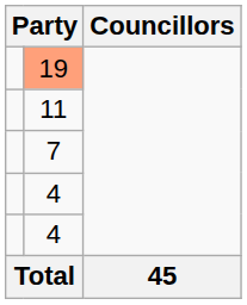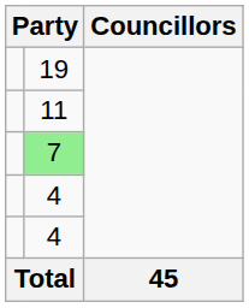 <table class="wikitable">
 <tr>
 <th colspan=2>Party</th>
 <th>Councillors</th>
 </tr>
 <tr>
 <td></td>
-<td align=center style="background: lightsalmon;">19</td>
+<td align=center>19</td>
 </tr>
 <tr>
 <td></td>
 <td align=center>11</td>
 </tr>
 <tr>
 <td></td>
-<td align=center>7</td>
+<td align=center style="background: lightgreen;">7</td>
 </tr>
 <tr>
 <td></td>
 <td align=center>4</td>
 </tr>
 <tr>
 <td></td>
 <td align=center>4</td>
 </tr>
 <tr>
 <th colspan=2>Total</th>
 <th align=center>45</th>
 </tr>
 </table>
